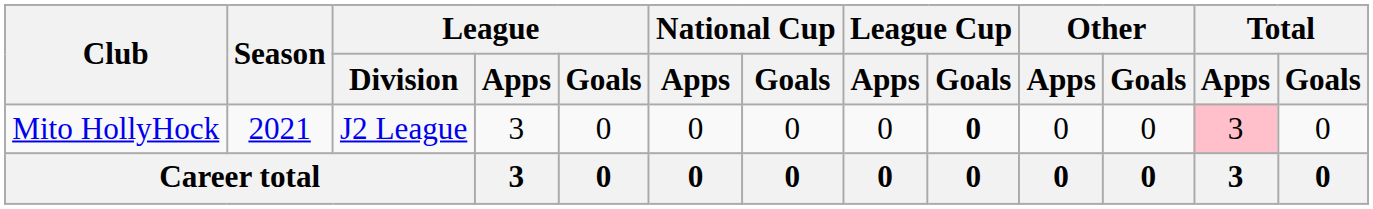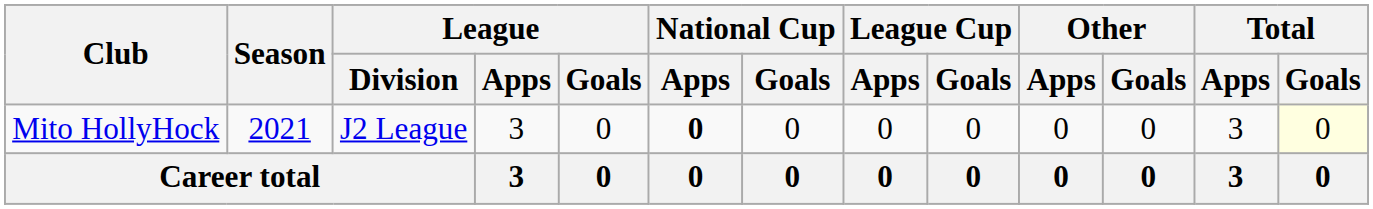 <table class="wikitable" style="text-align: center">
 <tr>
 <th rowspan="2">Club</th>
 <th rowspan="2">Season</th>
 <th colspan="3">League</th>
 <th colspan="2">National Cup</th>
 <th colspan="2">League Cup</th>
 <th colspan="2">Other</th>
 <th colspan="2">Total</th>
 </tr>
 <tr>
 <th>Division</th>
 <th>Apps</th>
 <th>Goals</th>
 <th>Apps</th>
 <th>Goals</th>
 <th>Apps</th>
 <th>Goals</th>
 <th>Apps</th>
 <th>Goals</th>
 <th>Apps</th>
 <th>Goals</th>
 </tr>
 <tr>
 <td><a href='#'>Mito HollyHock</a></td>
 <td><a href='#'>2021</a></td>
 <td><a href='#'>J2 League</a></td>
 <td>3</td>
 <td>0</td>
+<td><strong>0</strong></td>
 <td>0</td>
 <td>0</td>
 <td>0</td>
-<td><strong>0</strong></td>
 <td>0</td>
 <td>0</td>
-<td style="background: pink;">3</td>
-<td>0</td>
+<td>3</td>
+<td style="background: lightyellow;">0</td>
 </tr>
 <tr>
 <th colspan=3>Career total</th>
 <th>3</th>
 <th>0</th>
 <th>0</th>
 <th>0</th>
 <th>0</th>
 <th>0</th>
 <th>0</th>
 <th>0</th>
 <th>3</th>
 <th>0</th>
 </tr>
 </table>
